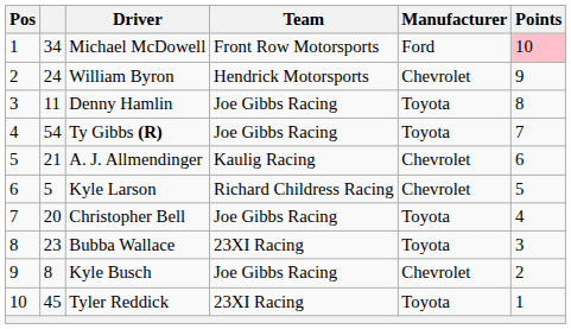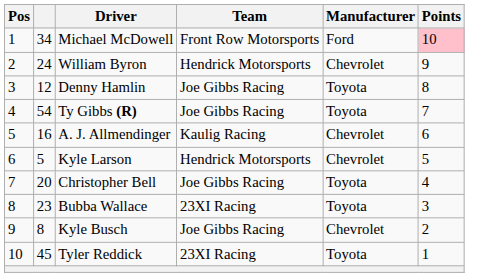 <table class="wikitable" style="font-size:98%">
 <tr>
 <th>Pos</th>
 <th></th>
 <th>Driver</th>
 <th>Team</th>
 <th>Manufacturer</th>
 <th>Points</th>
 </tr>
 <tr>
 <td>1</td>
 <td>34</td>
 <td>Michael McDowell</td>
 <td>Front Row Motorsports</td>
 <td>Ford</td>
 <td style="background: pink;">10</td>
 </tr>
 <tr>
 <td>2</td>
 <td>24</td>
 <td>William Byron</td>
 <td>Hendrick Motorsports</td>
 <td>Chevrolet</td>
 <td>9</td>
 </tr>
 <tr>
 <td>3</td>
-<td>11</td>
+<td>12</td>
 <td>Denny Hamlin</td>
 <td>Joe Gibbs Racing</td>
 <td>Toyota</td>
 <td>8</td>
 </tr>
 <tr>
 <td>4</td>
 <td>54</td>
 <td>Ty Gibbs <strong>(R)</strong></td>
 <td>Joe Gibbs Racing</td>
 <td>Toyota</td>
 <td>7</td>
 </tr>
 <tr>
 <td>5</td>
-<td>21</td>
+<td>16</td>
 <td>A. J. Allmendinger</td>
 <td>Kaulig Racing</td>
 <td>Chevrolet</td>
 <td>6</td>
 </tr>
 <tr>
 <td>6</td>
 <td>5</td>
 <td>Kyle Larson</td>
-<td>Richard Childress Racing</td>
+<td>Hendrick Motorsports</td>
 <td>Chevrolet</td>
 <td>5</td>
 </tr>
 <tr>
 <td>7</td>
 <td>20</td>
 <td>Christopher Bell</td>
 <td>Joe Gibbs Racing</td>
 <td>Toyota</td>
 <td>4</td>
 </tr>
 <tr>
 <td>8</td>
 <td>23</td>
 <td>Bubba Wallace</td>
 <td>23XI Racing</td>
 <td>Toyota</td>
 <td>3</td>
 </tr>
 <tr>
 <td>9</td>
 <td>8</td>
 <td>Kyle Busch</td>
 <td>Joe Gibbs Racing</td>
 <td>Chevrolet</td>
 <td>2</td>
 </tr>
 <tr>
 <td>10</td>
 <td>45</td>
 <td>Tyler Reddick</td>
 <td>23XI Racing</td>
 <td>Toyota</td>
 <td>1</td>
 </tr>
 <tr>
 <th colspan="6"></th>
 </tr>
 </table>
